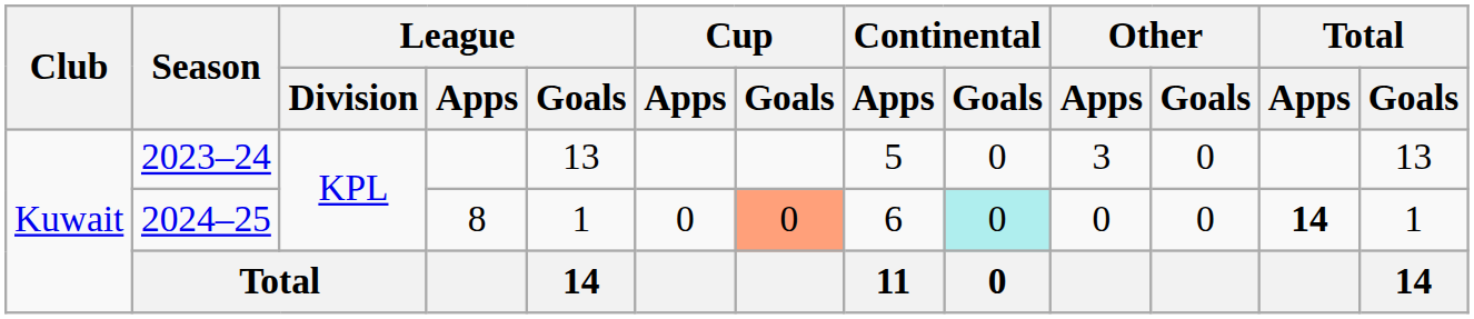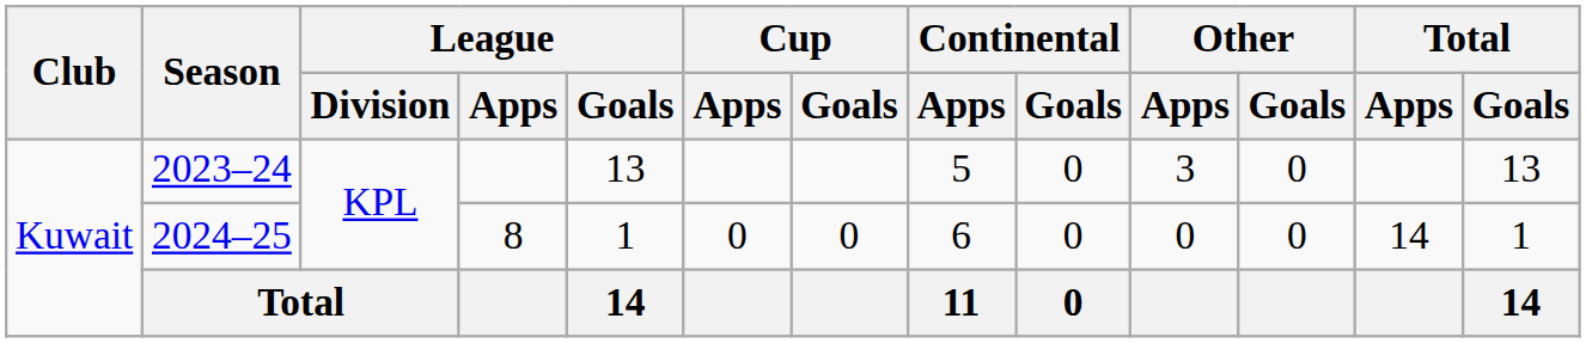 <table class="wikitable" style="font-size:90%; text-align: center">
 <tr>
 <th rowspan=2>Club</th>
 <th rowspan=2>Season</th>
 <th colspan=3>League</th>
 <th colspan=2>Cup</th>
 <th colspan=2>Continental</th>
 <th colspan=2>Other</th>
 <th colspan=2>Total</th>
 </tr>
 <tr>
 <th>Division</th>
 <th>Apps</th>
 <th>Goals</th>
 <th>Apps</th>
 <th>Goals</th>
 <th>Apps</th>
 <th>Goals</th>
 <th>Apps</th>
 <th>Goals</th>
 <th>Apps</th>
 <th>Goals</th>
 </tr>
 <tr>
 <td rowspan=3><a href='#'>Kuwait</a></td>
 <td><a href='#'>2023–24</a></td>
 <td rowspan=2><a href='#'>KPL</a></td>
 <td></td>
 <td>13</td>
 <td></td>
 <td></td>
 <td>5</td>
 <td>0</td>
 <td>3</td>
 <td>0</td>
 <td></td>
 <td>13</td>
 </tr>
 <tr>
 <td><a href='#'>2024–25</a></td>
 <td>8</td>
 <td>1</td>
 <td>0</td>
-<td style="background: lightsalmon;">0</td>
+<td>0</td>
 <td>6</td>
-<td style="background: paleturquoise;">0</td>
 <td>0</td>
 <td>0</td>
-<td><strong>14</strong></td>
+<td>0</td>
+<td>14</td>
 <td>1</td>
 </tr>
 <tr>
 <th colspan=2>Total</th>
 <th></th>
 <th>14</th>
 <th></th>
 <th></th>
 <th>11</th>
 <th>0</th>
 <th></th>
 <th></th>
 <th></th>
 <th>14</th>
 </tr>
 </table>
